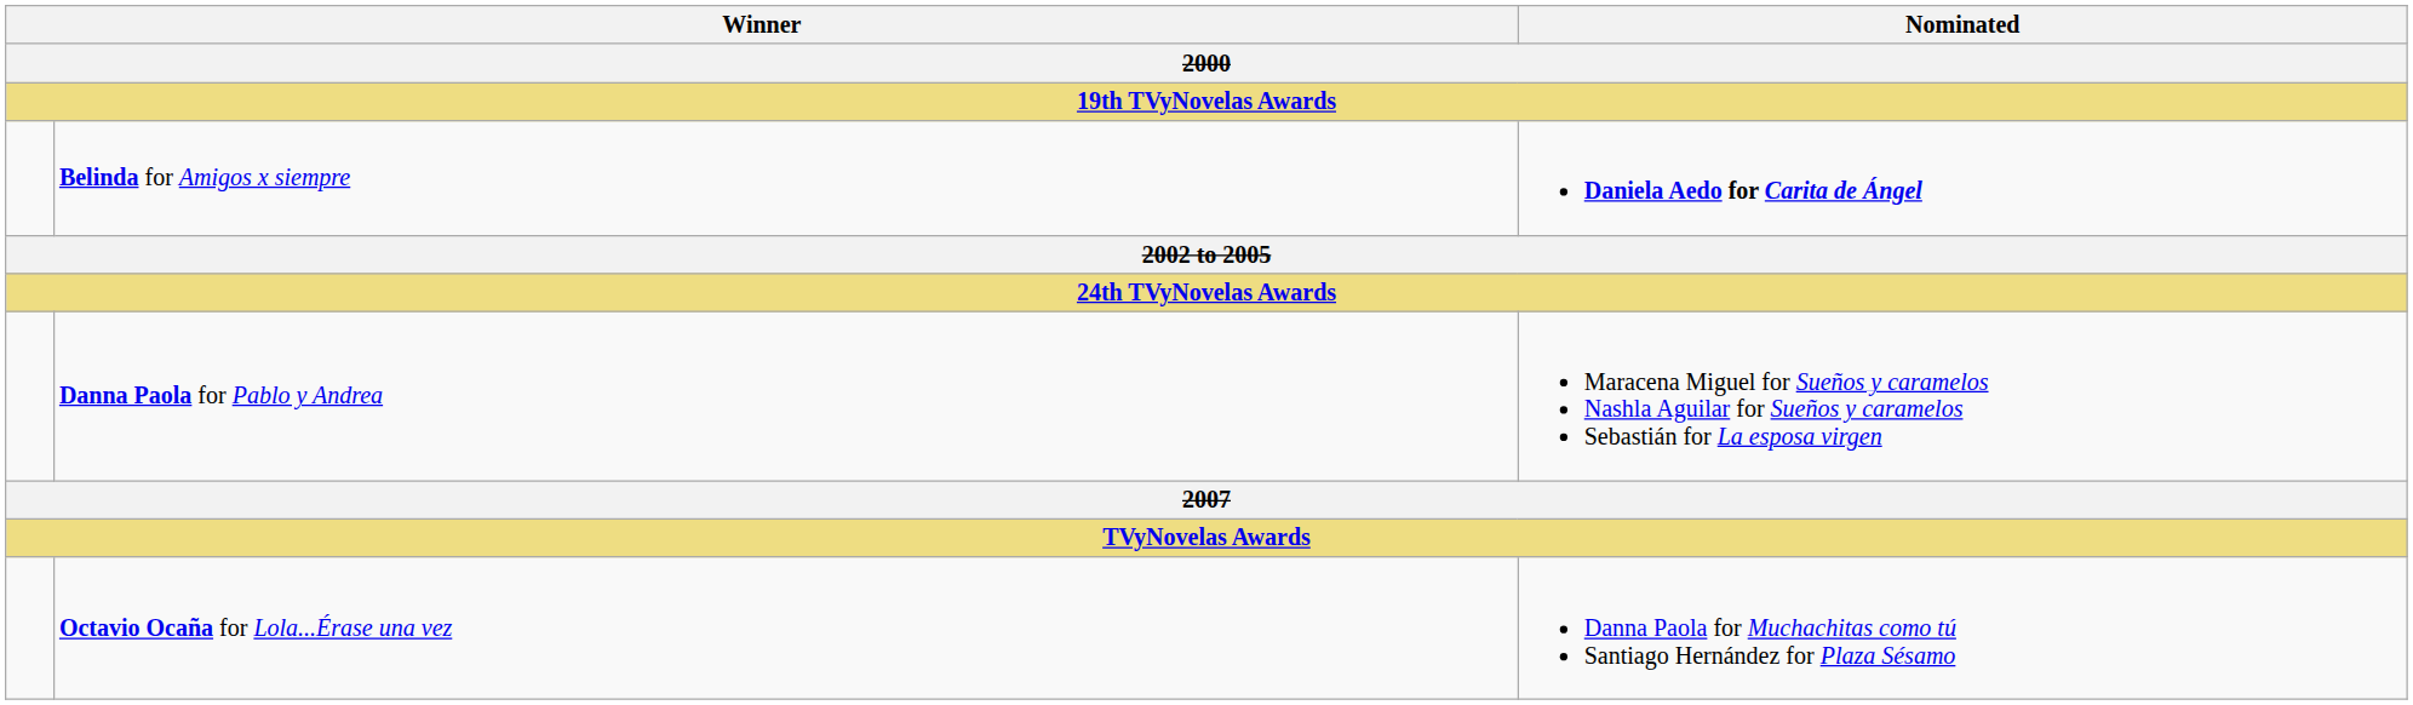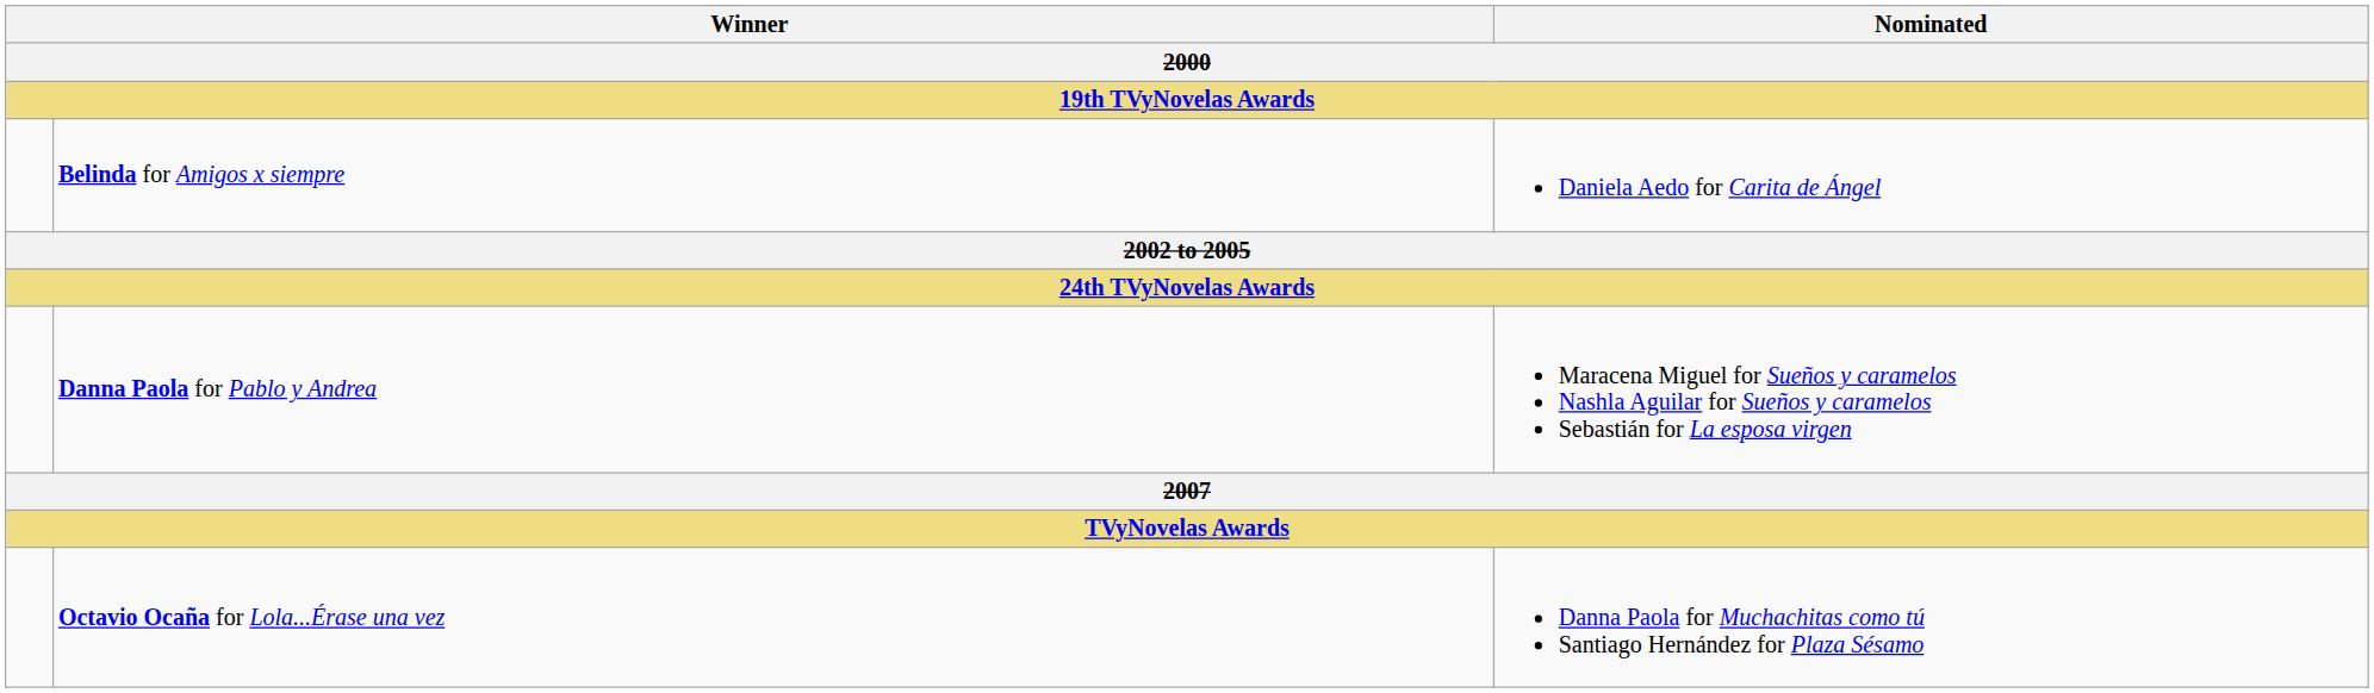 <table class="wikitable" width="80%">
 <tr align="center">
 <th width="150px;" colspan="2;" align="center">Winner</th>
 <th width="580px;" align="center">Nominated</th>
 </tr>
 <tr>
 <th colspan="9" align="center"><s>2000</s></th>
 </tr>
 <tr>
 <th colspan="9" style="background:#EEDD82;" align="center"><strong><a href='#'>19th TVyNovelas Awards</a></strong></th>
 </tr>
 <tr>
 <td width=2%></td>
 <td><strong><a href='#'>Belinda</a></strong> for <em><a href='#'>Amigos x siempre</a></em></td>
-<td><strong><br><ul><li><a href='#'>Daniela Aedo</a> for <em><a href='#'>Carita de Ángel</a></em></li></ul></strong></td>
+<td><br><ul><li><a href='#'>Daniela Aedo</a> for <em><a href='#'>Carita de Ángel</a></em></li></ul></td>
 </tr>
 <tr>
 <th colspan="9" align="center"><s>2002 to 2005</s></th>
 </tr>
 <tr>
 <th colspan="9" style="background:#EEDD82;" align="center"><strong><a href='#'>24th TVyNovelas Awards</a></strong></th>
 </tr>
 <tr>
 <td width=2%></td>
 <td><strong><a href='#'>Danna Paola</a></strong> for <em><a href='#'>Pablo y Andrea</a></em></td>
 <td><br><ul><li>Maracena Miguel for <em><a href='#'>Sueños y caramelos</a></em></li><li><a href='#'>Nashla Aguilar</a> for <em><a href='#'>Sueños y caramelos</a></em></li><li>Sebastián for <em><a href='#'>La esposa virgen</a></em></li></ul></td>
 </tr>
 <tr>
 <th colspan="9" align="center"><s>2007</s></th>
 </tr>
 <tr>
 <th colspan="9" style="background:#EEDD82;" align="center"><strong><a href='#'>TVyNovelas Awards</a></strong></th>
 </tr>
 <tr>
 <td width=2%></td>
 <td><strong><a href='#'>Octavio Ocaña</a></strong> for <em><a href='#'>Lola...Érase una vez</a></em></td>
 <td><br><ul><li><a href='#'>Danna Paola</a> for <em><a href='#'>Muchachitas como tú</a></em></li><li>Santiago Hernández for <em><a href='#'>Plaza Sésamo</a></em></li></ul></td>
 </tr>
 </table>
